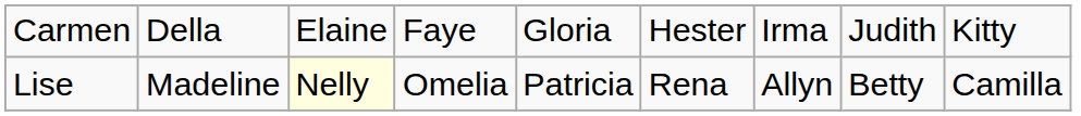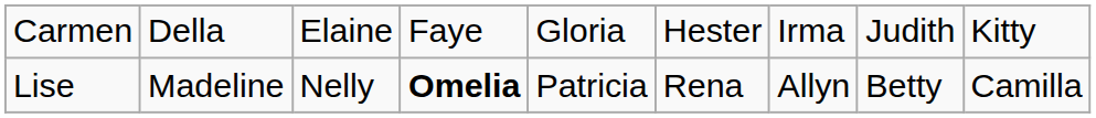 <table class="wikitable">
 <tr>
 <td>Carmen</td>
 <td>Della</td>
 <td>Elaine</td>
 <td>Faye</td>
 <td>Gloria</td>
 <td>Hester</td>
 <td>Irma</td>
 <td>Judith</td>
 <td>Kitty</td>
 </tr>
 <tr>
 <td>Lise</td>
 <td>Madeline</td>
-<td style="background: lightyellow;">Nelly</td>
-<td>Omelia</td>
+<td>Nelly</td>
+<td><strong>Omelia</strong></td>
 <td>Patricia</td>
 <td>Rena</td>
 <td>Allyn</td>
 <td>Betty</td>
 <td>Camilla</td>
 </tr>
 </table>
